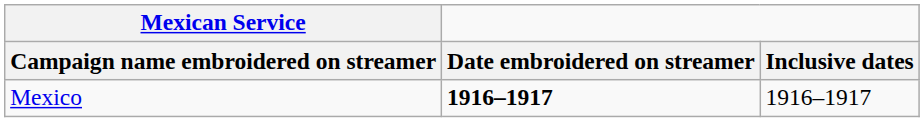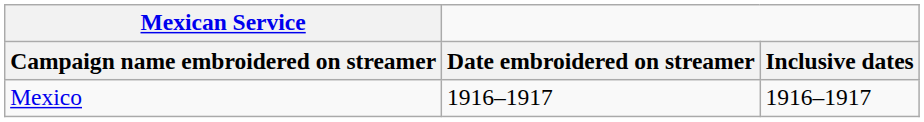 <table class="wikitable">
 <tr>
 <th><a href='#'>Mexican Service</a></th>
 <td colspan="2"></td>
 </tr>
 <tr>
 <th>Campaign name embroidered on streamer</th>
 <th>Date embroidered on streamer</th>
 <th>Inclusive dates</th>
 </tr>
 <tr>
 <td><a href='#'>Mexico</a></td>
-<td><strong>1916–1917</strong></td>
+<td>1916–1917</td>
 <td>1916–1917</td>
 </tr>
 </table>
